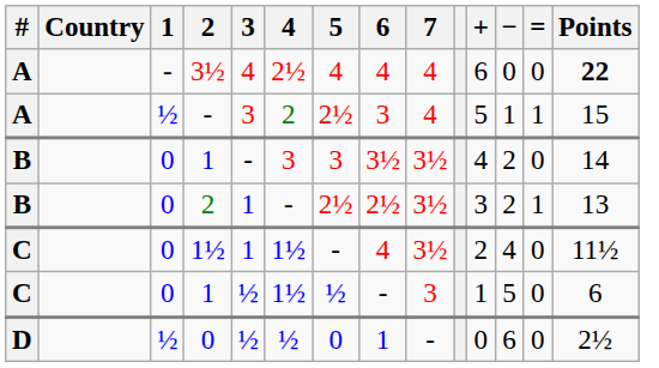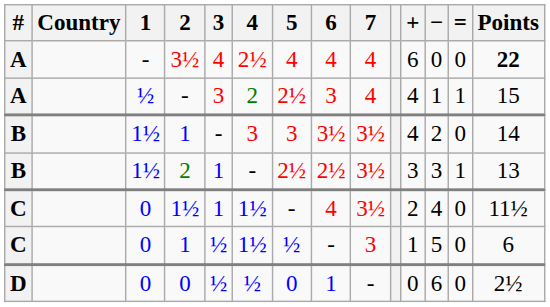 <table class="wikitable" style="text-align:center">
 <tr>
 <th>#</th>
 <th>Country</th>
 <th>1</th>
 <th>2</th>
 <th>3</th>
 <th>4</th>
 <th>5</th>
 <th>6</th>
 <th>7</th>
 <th></th>
 <th>+</th>
 <th>−</th>
 <th>=</th>
 <th>Points</th>
 </tr>
 <tr>
 <th>A</th>
 <td style="text-align: left"></td>
 <td>-</td>
 <td style="color:red;">3½</td>
 <td style="color:red;">4</td>
 <td style="color:red;">2½</td>
 <td style="color:red;">4</td>
 <td style="color:red;">4</td>
 <td style="color:red;">4</td>
 <th></th>
 <td>6</td>
 <td>0</td>
 <td>0</td>
 <td><strong>22 </strong></td>
 </tr>
 <tr>
 <th>A</th>
 <td style="text-align: left"></td>
 <td style="color:blue;">½</td>
 <td>-</td>
 <td style="color:red;">3</td>
 <td style="color:green;">2</td>
 <td style="color:red;">2½</td>
 <td style="color:red;">3</td>
 <td style="color:red;">4</td>
 <th></th>
-<td>5</td>
+<td>4</td>
 <td>1</td>
 <td>1</td>
 <td>15</td>
 </tr>
 <tr style="border-top:2px solid grey;">
 <th>B</th>
 <td style="text-align: left"></td>
-<td style="color:blue;">0</td>
+<td style="color:blue;">1½</td>
 <td style="color:blue;">1</td>
 <td>-</td>
 <td style="color:red;">3</td>
 <td style="color:red;">3</td>
 <td style="color:red;">3½</td>
 <td style="color:red;">3½</td>
 <th></th>
 <td>4</td>
 <td>2</td>
 <td>0</td>
 <td>14</td>
 </tr>
 <tr>
 <th>B</th>
 <td style="text-align: left"></td>
-<td style="color:blue;">0</td>
+<td style="color:blue;">1½</td>
 <td style="color:green;">2</td>
 <td style="color:blue;">1</td>
 <td>-</td>
 <td style="color:red;">2½</td>
 <td style="color:red;">2½</td>
 <td style="color:red;">3½</td>
 <th></th>
 <td>3</td>
-<td>2</td>
+<td>3</td>
 <td>1</td>
 <td>13</td>
 </tr>
 <tr style="border-top:2px solid grey;">
 <th>C</th>
 <td style="text-align: left"></td>
 <td style="color:blue;">0</td>
 <td style="color:blue;">1½</td>
 <td style="color:blue;">1</td>
 <td style="color:blue;">1½</td>
 <td>-</td>
 <td style="color:red;">4</td>
 <td style="color:red;">3½</td>
 <th></th>
 <td>2</td>
 <td>4</td>
 <td>0</td>
 <td>11½</td>
 </tr>
 <tr>
 <th>C</th>
 <td style="text-align: left"></td>
 <td style="color:blue;">0</td>
 <td style="color:blue;">1</td>
 <td style="color:blue;">½</td>
 <td style="color:blue;">1½</td>
 <td style="color:blue;">½</td>
 <td>-</td>
 <td style="color:red;">3</td>
 <th></th>
 <td>1</td>
 <td>5</td>
 <td>0</td>
 <td>6</td>
 </tr>
 <tr style="border-top:2px solid grey;">
 <th>D</th>
 <td style="text-align: left"></td>
-<td style="color:blue;">½</td>
+<td style="color:blue;">0</td>
 <td style="color:blue;">0</td>
 <td style="color:blue;">½</td>
 <td style="color:blue;">½</td>
 <td style="color:blue;">0</td>
 <td style="color:blue;">1</td>
 <td>-</td>
 <th></th>
 <td>0</td>
 <td>6</td>
 <td>0</td>
 <td>2½</td>
 </tr>
 </table>
